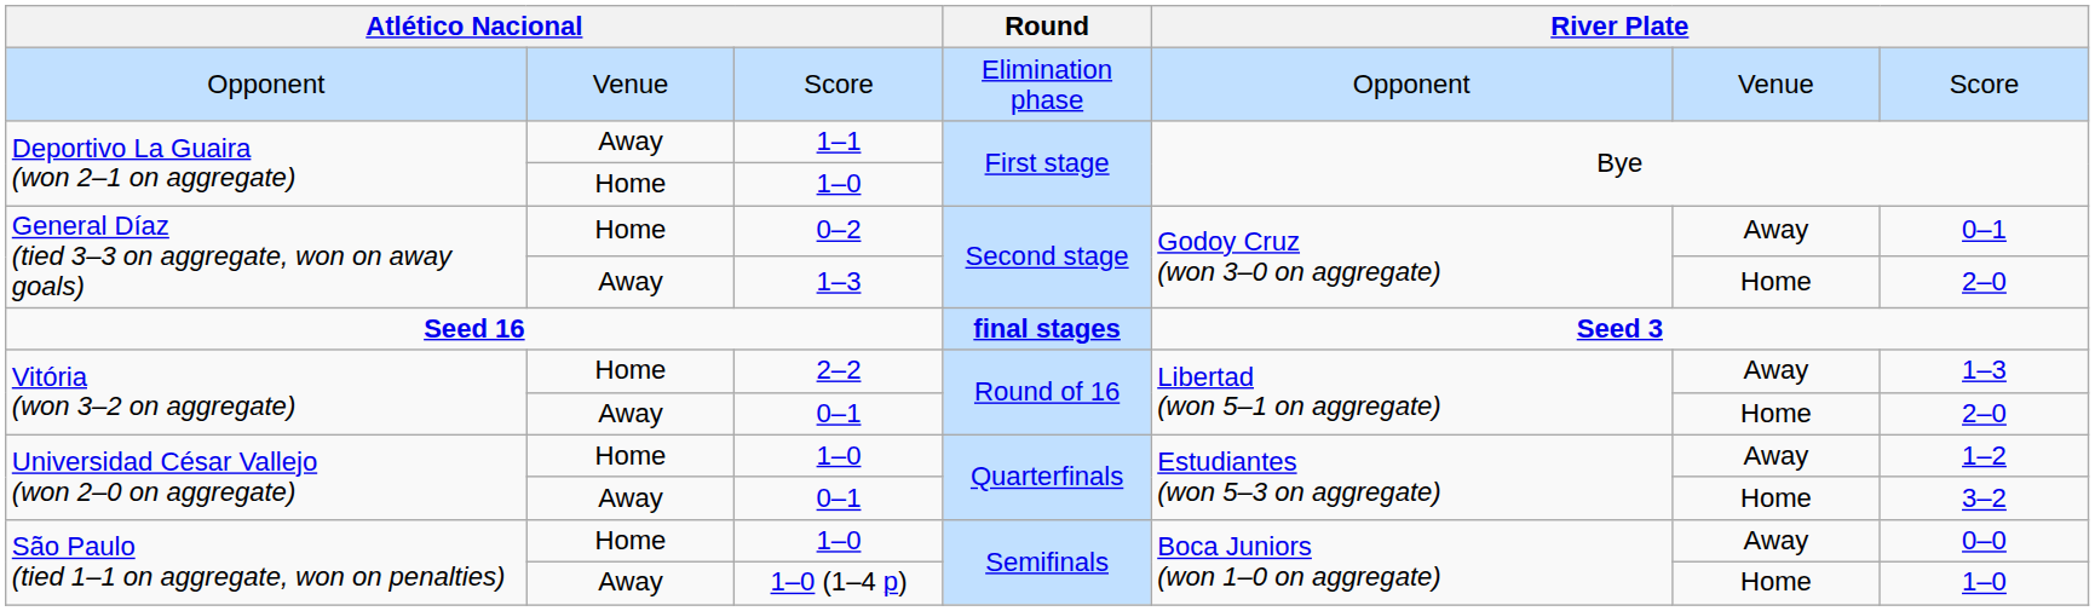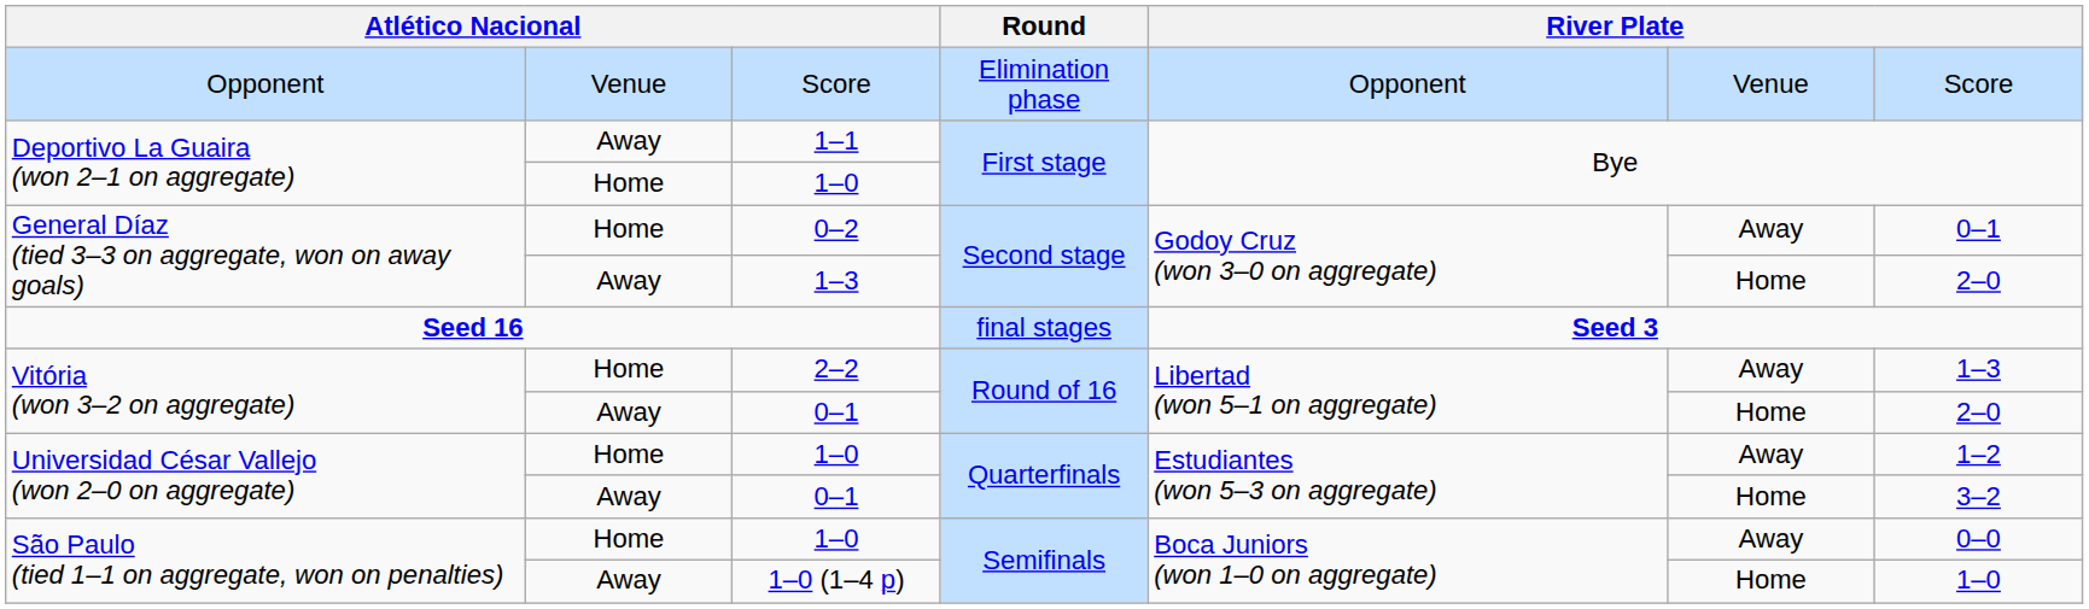 <table class="wikitable" style="text-align: center;">
 <tr>
 <th colspan=3> <a href='#'>Atlético Nacional</a></th>
 <th>Round</th>
 <th colspan=3> <a href='#'>River Plate</a></th>
 </tr>
 <tr bgcolor=#c1e0ff>
 <td width=25%>Opponent</td>
 <td width=10%>Venue</td>
 <td width=10%>Score</td>
 <td width=10%><a href='#'>Elimination phase</a></td>
 <td width=25%>Opponent</td>
 <td width=10%>Venue</td>
 <td width=10%>Score</td>
 </tr>
 <tr>
 <td rowspan=2 align=left> <a href='#'>Deportivo La Guaira</a><br><em>(won 2–1 on aggregate)</em></td>
 <td>Away</td>
 <td><a href='#'>1–1</a></td>
 <td rowspan=2 bgcolor=#c1e0ff><a href='#'>First stage</a></td>
 <td rowspan=2 colspan=3>Bye</td>
 </tr>
 <tr>
 <td>Home</td>
 <td><a href='#'>1–0</a></td>
 </tr>
 <tr>
 <td rowspan=2 align=left> <a href='#'>General Díaz</a><br><em>(tied 3–3 on aggregate, won on away goals)</em></td>
 <td>Home</td>
 <td><a href='#'>0–2</a></td>
 <td rowspan=2 bgcolor=#c1e0ff><a href='#'>Second stage</a></td>
 <td rowspan=2 align=left> <a href='#'>Godoy Cruz</a><br><em>(won 3–0 on aggregate)</em></td>
 <td>Away</td>
 <td><a href='#'>0–1</a></td>
 </tr>
 <tr>
 <td>Away</td>
 <td><a href='#'>1–3</a></td>
 <td>Home</td>
 <td><a href='#'>2–0</a></td>
 </tr>
 <tr>
 <td colspan=3><strong><a href='#'>Seed 16</a></strong></td>
-<td bgcolor=#c1e0ff><strong><a href='#'>final stages</a></strong></td>
+<td bgcolor=#c1e0ff><a href='#'>final stages</a></td>
 <td colspan=3><strong><a href='#'>Seed 3</a></strong></td>
 </tr>
 <tr>
 <td rowspan=2 align=left> <a href='#'>Vitória</a><br><em>(won 3–2 on aggregate)</em></td>
 <td>Home</td>
 <td><a href='#'>2–2</a></td>
 <td rowspan=2 bgcolor=#c1e0ff><a href='#'>Round of 16</a></td>
 <td rowspan=2 align=left> <a href='#'>Libertad</a><br><em>(won 5–1 on aggregate)</em></td>
 <td>Away</td>
 <td><a href='#'>1–3</a></td>
 </tr>
 <tr>
 <td>Away</td>
 <td><a href='#'>0–1</a></td>
 <td>Home</td>
 <td><a href='#'>2–0</a></td>
 </tr>
 <tr>
 <td rowspan=2 align=left> <a href='#'>Universidad César Vallejo</a><br><em>(won 2–0 on aggregate)</em></td>
 <td>Home</td>
 <td><a href='#'>1–0</a></td>
 <td rowspan=2 bgcolor=#c1e0ff><a href='#'>Quarterfinals</a></td>
 <td rowspan=2 align=left> <a href='#'>Estudiantes</a><br><em>(won 5–3 on aggregate)</em></td>
 <td>Away</td>
 <td><a href='#'>1–2</a></td>
 </tr>
 <tr>
 <td>Away</td>
 <td><a href='#'>0–1</a></td>
 <td>Home</td>
 <td><a href='#'>3–2</a></td>
 </tr>
 <tr>
 <td rowspan=2 align=left> <a href='#'>São Paulo</a><br><em>(tied 1–1 on aggregate, won on penalties)</em></td>
 <td>Home</td>
 <td><a href='#'>1–0</a></td>
 <td rowspan=2 bgcolor=#c1e0ff><a href='#'>Semifinals</a></td>
 <td rowspan=2 align=left> <a href='#'>Boca Juniors</a><br><em>(won 1–0 on aggregate)</em></td>
 <td>Away</td>
 <td><a href='#'>0–0</a></td>
 </tr>
 <tr>
 <td>Away</td>
 <td><a href='#'>1–0</a> (1–4 <a href='#'>p</a>)</td>
 <td>Home</td>
 <td><a href='#'>1–0</a></td>
 </tr>
 </table>
